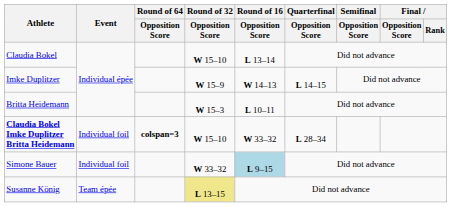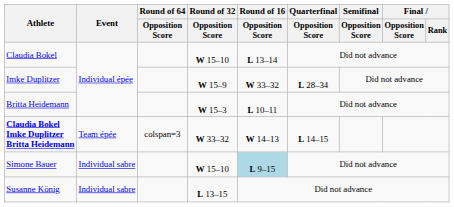 <table class="wikitable" style="font-size:90%">
 <tr>
 <th rowspan="2">Athlete</th>
 <th rowspan="2">Event</th>
 <th>Round of 64</th>
 <th>Round of 32</th>
 <th>Round of 16</th>
 <th>Quarterfinal</th>
 <th>Semifinal</th>
 <th colspan=2>Final / </th>
 </tr>
 <tr style="font-size:95%">
 <th>Opposition <br> Score</th>
 <th>Opposition <br> Score</th>
 <th>Opposition <br> Score</th>
 <th>Opposition <br> Score</th>
 <th>Opposition <br> Score</th>
 <th>Opposition <br> Score</th>
 <th>Rank</th>
 </tr>
 <tr align=center>
 <td align=left><a href='#'>Claudia Bokel</a></td>
 <td align=left rowspan=3><a href='#'>Individual épée</a></td>
 <td></td>
 <td><br><strong>W</strong> 15–10</td>
 <td><br><strong>L</strong> 13–14</td>
 <td colspan=4>Did not advance</td>
 </tr>
 <tr align=center>
 <td align=left><a href='#'>Imke Duplitzer</a></td>
 <td></td>
 <td><br><strong>W</strong> 15–9</td>
-<td><br><strong>W</strong> 14–13</td>
-<td><br><strong>L</strong> 14–15</td>
+<td><br><strong>W</strong> 33–32</td>
+<td><br><strong>L</strong> 28–34</td>
 <td colspan=3>Did not advance</td>
 </tr>
 <tr align=center>
 <td align=left><a href='#'>Britta Heidemann</a></td>
 <td></td>
 <td><br><strong>W</strong> 15–3</td>
 <td><br><strong>L</strong> 10–11</td>
 <td colspan=4>Did not advance</td>
 </tr>
 <tr align=center>
 <td align=left><strong><a href='#'>Claudia Bokel</a><br><a href='#'>Imke Duplitzer</a><br><a href='#'>Britta Heidemann</a></strong></td>
-<td align=left><a href='#'>Individual foil</a></td>
-<td><strong>colspan=3 </strong></td>
-<td><br><strong>W</strong> 15–10</td>
+<td align=left><a href='#'>Team épée</a></td>
+<td>colspan=3 </td>
 <td><br><strong>W</strong> 33–32</td>
-<td><br><strong>L</strong> 28–34</td>
+<td><br><strong>W</strong> 14–13</td>
+<td><br><strong>L</strong> 14–15</td>
 <td></td>
 </tr>
 <tr align=center>
 <td align=left><a href='#'>Simone Bauer</a></td>
-<td align=left><a href='#'>Individual foil</a></td>
+<td align=left><a href='#'>Individual sabre</a></td>
 <td></td>
-<td><br><strong>W</strong> 33–32</td>
+<td><br><strong>W</strong> 15–10</td>
 <td style="background: lightblue;"><br><strong>L</strong> 9–15</td>
 <td colspan=4>Did not advance</td>
 </tr>
 <tr align=center>
 <td align=left><a href='#'>Susanne König</a></td>
-<td align=left><a href='#'>Team épée</a></td>
+<td align=left><a href='#'>Individual sabre</a></td>
 <td></td>
-<td style="background: khaki;"><br><strong>L</strong> 13–15</td>
+<td><br><strong>L</strong> 13–15</td>
 <td colspan=5>Did not advance</td>
 </tr>
 </table>
